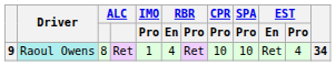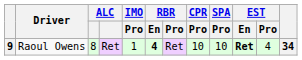 <table class="wikitable" style="font-size: 85%; text-align: center">
 <tr valign="top">
 <th rowspan=2 valign=middle></th>
 <th rowspan=2 valign=middle>Driver</th>
 <th colspan=2><a href='#'>ALC</a><br></th>
 <th><a href='#'>IMO</a><br></th>
 <th colspan=2><a href='#'>RBR</a><br></th>
 <th><a href='#'>CPR</a><br></th>
 <th><a href='#'>SPA</a><br></th>
 <th colspan=2><a href='#'>EST</a><br></th>
 <th rowspan=2 valign=middle>  </th>
 </tr>
 <tr>
 <th></th>
 <th></th>
 <th>Pro</th>
 <th>En</th>
 <th>Pro</th>
 <th>Pro</th>
 <th>Pro</th>
 <th>En</th>
 <th>Pro</th>
 </tr>
 <tr>
 <th>9</th>
-<td align=left style="background: paleturquoise;"> Raoul Owens</td>
+<td align=left> Raoul Owens</td>
 <td style="background:#dfffdf;">8</td>
 <td style="background:#efcfff;">Ret</td>
 <td style="background:#dfffdf;">1</td>
-<td style="background:#dfffdf;">4</td>
+<td style="background:#dfffdf;"><strong>4</strong></td>
 <td style="background:#efcfff;">Ret</td>
 <td style="background:#dfffdf;">10</td>
 <td style="background:#dfffdf;">10</td>
-<td style="background:#dfffdf;">Ret</td>
+<td style="background:#dfffdf;"><strong>Ret</strong></td>
 <td style="background:#dfffdf;">4</td>
 <th>34</th>
 </tr>
 </table>
